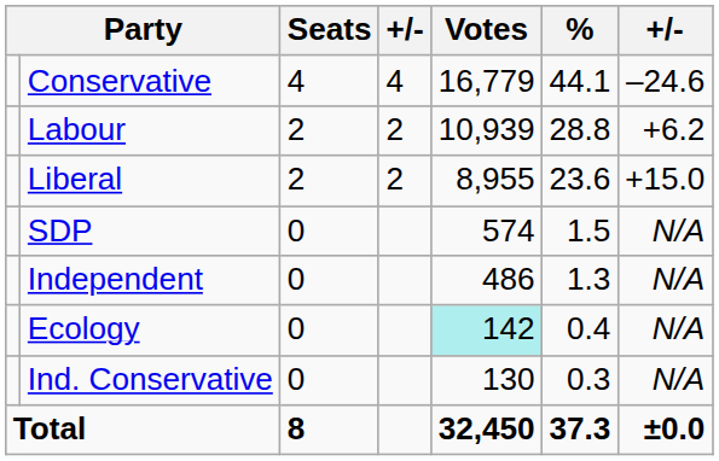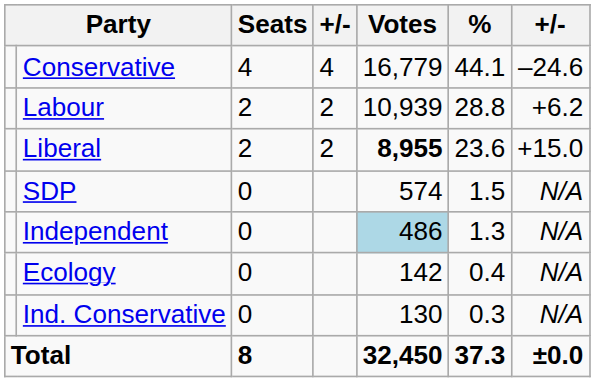 <table class="wikitable sortable">
 <tr>
 <th colspan="2">Party</th>
 <th>Seats</th>
 <th>+/-</th>
 <th>Votes</th>
 <th>%</th>
 <th>+/-</th>
 </tr>
 <tr>
 <td style="background-color: "></td>
 <td><a href='#'>Conservative</a></td>
 <td>4</td>
 <td> 4</td>
 <td style="text-align:right;">16,779</td>
 <td style="text-align:right;">44.1</td>
 <td style="text-align:right;">–24.6</td>
 </tr>
 <tr>
 <td style="background-color: "></td>
 <td><a href='#'>Labour</a></td>
 <td>2</td>
 <td> 2</td>
 <td style="text-align:right;">10,939</td>
 <td style="text-align:right;">28.8</td>
 <td style="text-align:right;">+6.2</td>
 </tr>
 <tr>
 <td style="background-color: "></td>
 <td><a href='#'>Liberal</a></td>
 <td>2</td>
 <td> 2</td>
-<td style="text-align:right;">8,955</td>
+<td style="text-align:right;"><strong>8,955</strong></td>
 <td style="text-align:right;">23.6</td>
 <td style="text-align:right;">+15.0</td>
 </tr>
 <tr>
 <td style="background-color: "></td>
 <td><a href='#'>SDP</a></td>
 <td>0</td>
 <td></td>
 <td style="text-align:right;">574</td>
 <td style="text-align:right;">1.5</td>
 <td style="text-align:right;"><em>N/A</em></td>
 </tr>
 <tr>
 <td style="background-color: "></td>
 <td><a href='#'>Independent</a></td>
 <td>0</td>
 <td></td>
-<td style="text-align:right;">486</td>
+<td style="background: lightblue; text-align:right;">486</td>
 <td style="text-align:right;">1.3</td>
 <td style="text-align:right;"><em>N/A</em></td>
 </tr>
 <tr>
 <td style="background-color: "></td>
 <td><a href='#'>Ecology</a></td>
 <td>0</td>
 <td></td>
-<td style="background: paleturquoise; text-align:right;">142</td>
+<td style="text-align:right;">142</td>
 <td style="text-align:right;">0.4</td>
 <td style="text-align:right;"><em>N/A</em></td>
 </tr>
 <tr>
 <td style="background-color: "></td>
 <td><a href='#'>Ind. Conservative</a></td>
 <td>0</td>
 <td></td>
 <td style="text-align:right;">130</td>
 <td style="text-align:right;">0.3</td>
 <td style="text-align:right;"><em>N/A</em></td>
 </tr>
 <tr>
 <td colspan="2"><strong>Total</strong></td>
 <td><strong>8</strong></td>
 <td></td>
 <td style="text-align:right;"><strong>32,450</strong></td>
 <td style="text-align:right;"><strong>37.3</strong></td>
 <td style="text-align:right;"><strong>±0.0</strong></td>
 </tr>
 </table>
